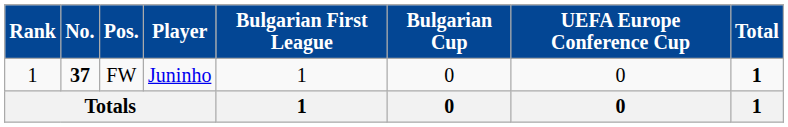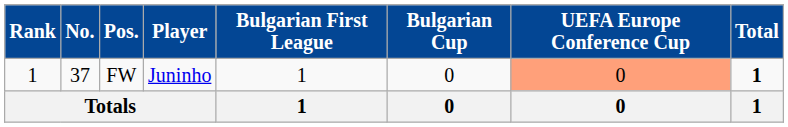 <table class="wikitable sortable" style="text-align:center;width:100%;">
 <tr>
 <th style=background-color:#034694;color:#FFFFFF>Rank</th>
 <th style=background-color:#034694;color:#FFFFFF>No.</th>
 <th style=background-color:#034694;color:#FFFFFF>Pos.</th>
 <th style=background-color:#034694;color:#FFFFFF>Player</th>
 <th style=background-color:#034694;color:#FFFFFF>Bulgarian First League</th>
 <th style=background-color:#034694;color:#FFFFFF>Bulgarian Cup</th>
 <th style=background-color:#034694;color:#FFFFFF>UEFA Europe Conference Cup</th>
 <th style=background-color:#034694;color:#FFFFFF>Total</th>
 </tr>
 <tr>
 <td>1</td>
-<td><strong>37</strong></td>
+<td>37</td>
 <td>FW</td>
 <td align=left> <a href='#'>Juninho</a></td>
 <td>1</td>
 <td>0</td>
-<td>0</td>
+<td style="background: lightsalmon;">0</td>
 <td><strong>1</strong><br></td>
 </tr>
 <tr>
 <th colspan=4><strong>Totals</strong></th>
 <th><strong>1</strong></th>
 <th><strong>0</strong></th>
 <th><strong>0</strong></th>
 <th><strong>1</strong></th>
 </tr>
 </table>
